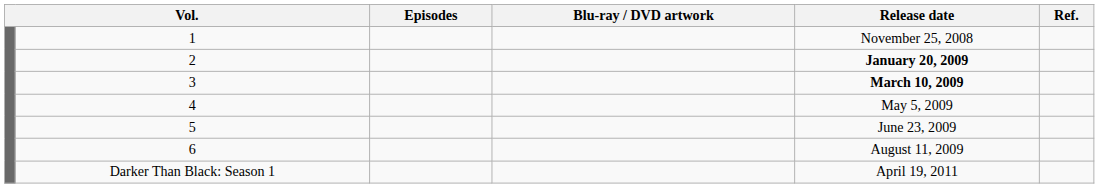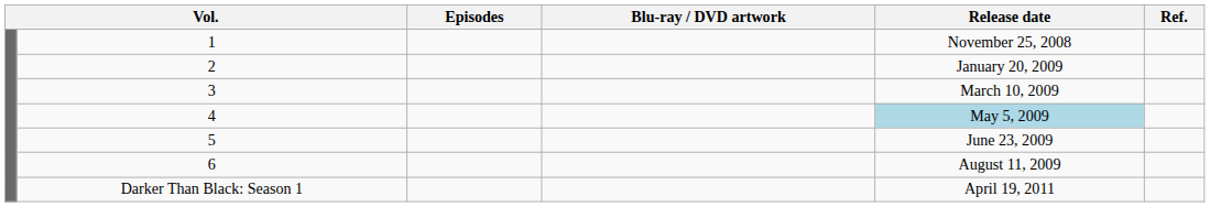 <table class="wikitable" style="text-align: center; width: 98%;">
 <tr>
 <th colspan="2">Vol.</th>
 <th>Episodes</th>
 <th>Blu-ray / DVD artwork</th>
 <th>Release date</th>
 <th width="5%">Ref.</th>
 </tr>
 <tr>
 <td rowspan="10" width="1%" style="background: DimGray;"></td>
 <td>1</td>
 <td></td>
 <td></td>
 <td>November 25, 2008</td>
 <td></td>
 </tr>
 <tr>
 <td>2</td>
 <td></td>
 <td></td>
-<td><strong>January 20, 2009</strong></td>
+<td>January 20, 2009</td>
 <td></td>
 </tr>
 <tr>
 <td>3</td>
 <td></td>
 <td></td>
-<td><strong>March 10, 2009</strong></td>
+<td>March 10, 2009</td>
 <td></td>
 </tr>
 <tr>
 <td>4</td>
 <td></td>
 <td></td>
-<td>May 5, 2009</td>
+<td style="background: lightblue;">May 5, 2009</td>
 <td></td>
 </tr>
 <tr>
 <td>5</td>
 <td></td>
 <td></td>
 <td>June 23, 2009</td>
 <td></td>
 </tr>
 <tr>
 <td>6</td>
 <td></td>
 <td></td>
 <td>August 11, 2009</td>
 <td></td>
 </tr>
 <tr>
 <td>Darker Than Black: Season 1</td>
 <td></td>
 <td></td>
 <td>April 19, 2011</td>
 <td></td>
 </tr>
 </table>
